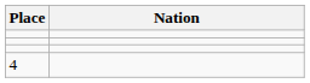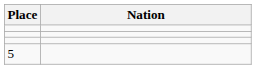 <table class=wikitable style=text-align:left>
 <tr>
 <th width=35>Place</th>
 <th width=250>Nation</th>
 </tr>
 <tr>
 <td></td>
 <td style=text-align:left></td>
 </tr>
 <tr>
 <td></td>
 <td style=text-align:left></td>
 </tr>
 <tr>
 <td></td>
 <td style=text-align:left></td>
 </tr>
 <tr>
-<td style=text-align:left>4</td>
+<td style=text-align:left>5</td>
 <td></td>
 </tr>
 </table>
